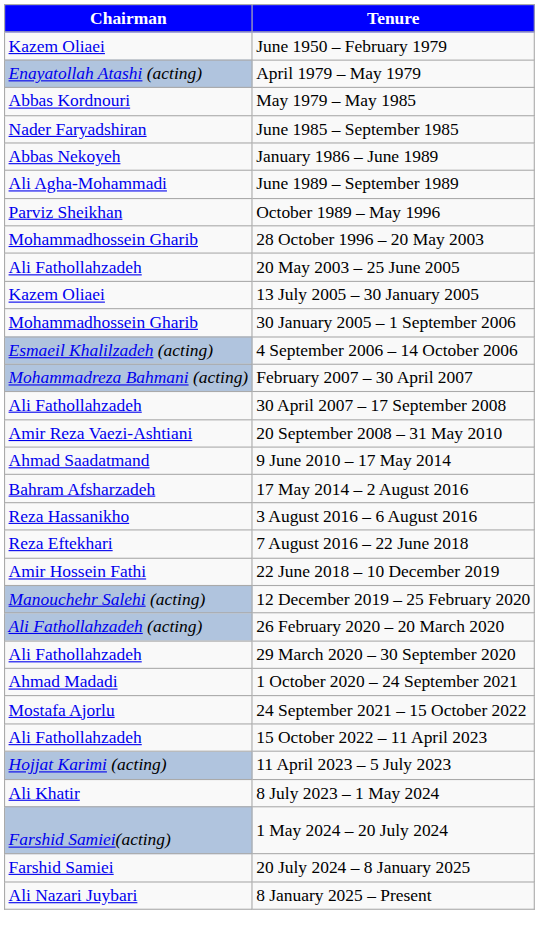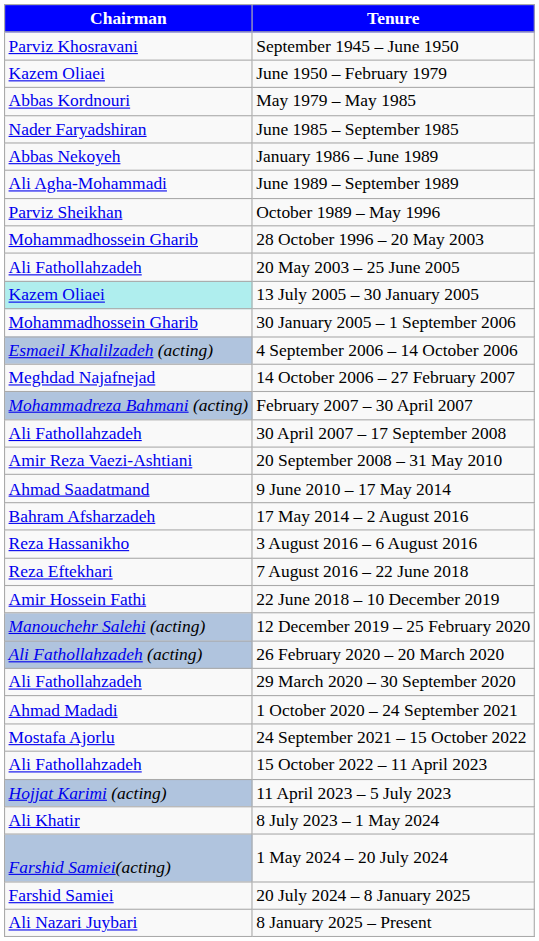 <table class="wikitable">
 <tr>
 <th style="background:#0000FF; color:#FFFFFF; ">Chairman</th>
 <th style="background:#0000FF; color:#FFFFFF; ">Tenure</th>
 </tr>
 <tr>
+<td> <a href='#'>Parviz Khosravani</a></td>
+<td>September 1945 – June 1950</td>
+</tr>
+<tr>
 <td> <a href='#'>Kazem Oliaei</a></td>
 <td>June 1950 – February 1979</td>
-</tr>
-<tr>
-<td style=background:#B0C4DE> <em><a href='#'>Enayatollah Atashi</a> (acting)</em></td>
-<td>April 1979 – May 1979</td>
 </tr>
 <tr>
 <td> <a href='#'>Abbas Kordnouri</a></td>
 <td>May 1979 – May 1985</td>
 </tr>
 <tr>
 <td> <a href='#'>Nader Faryadshiran</a></td>
 <td>June 1985 – September 1985</td>
 </tr>
 <tr>
 <td> <a href='#'>Abbas Nekoyeh</a></td>
 <td>January 1986 – June 1989</td>
 </tr>
 <tr>
 <td> <a href='#'>Ali Agha-Mohammadi</a></td>
 <td>June 1989 – September 1989</td>
 </tr>
 <tr>
 <td> <a href='#'>Parviz Sheikhan</a></td>
 <td>October 1989 – May 1996</td>
 </tr>
 <tr>
 <td> <a href='#'>Mohammadhossein Gharib</a></td>
 <td>28 October 1996 – 20 May 2003</td>
 </tr>
 <tr>
 <td> <a href='#'>Ali Fathollahzadeh</a></td>
 <td>20 May 2003 – 25 June 2005</td>
 </tr>
 <tr>
-<td> <a href='#'>Kazem Oliaei</a></td>
+<td style="background: paleturquoise;"> <a href='#'>Kazem Oliaei</a></td>
 <td>13 July 2005 – 30 January 2005</td>
 </tr>
 <tr>
 <td> <a href='#'>Mohammadhossein Gharib</a></td>
 <td>30 January 2005 – 1 September 2006</td>
 </tr>
 <tr>
 <td style=background:#B0C4DE> <em><a href='#'>Esmaeil Khalilzadeh</a> (acting)</em></td>
 <td>4 September 2006 – 14 October 2006</td>
+</tr>
+<tr>
+<td> <a href='#'>Meghdad Najafnejad</a></td>
+<td>14 October 2006 – 27 February 2007</td>
 </tr>
 <tr>
 <td style=background:#B0C4DE> <em><a href='#'>Mohammadreza Bahmani</a> (acting)</em></td>
 <td>February 2007 – 30 April 2007</td>
 </tr>
 <tr>
 <td> <a href='#'>Ali Fathollahzadeh</a></td>
 <td>30 April 2007 – 17 September 2008</td>
 </tr>
 <tr>
 <td> <a href='#'>Amir Reza Vaezi-Ashtiani</a></td>
 <td>20 September 2008 – 31 May 2010</td>
 </tr>
 <tr>
 <td> <a href='#'>Ahmad Saadatmand</a></td>
 <td>9 June 2010 – 17 May 2014</td>
 </tr>
 <tr>
 <td> <a href='#'>Bahram Afsharzadeh</a></td>
 <td>17 May 2014 – 2 August 2016</td>
 </tr>
 <tr>
 <td> <a href='#'>Reza Hassanikho</a></td>
 <td>3 August 2016 – 6 August 2016</td>
 </tr>
 <tr>
 <td> <a href='#'>Reza Eftekhari</a></td>
 <td>7 August 2016 – 22 June 2018</td>
 </tr>
 <tr>
 <td> <a href='#'>Amir Hossein Fathi</a></td>
 <td>22 June 2018 – 10 December 2019</td>
 </tr>
 <tr>
 <td style=background:#B0C4DE> <em><a href='#'>Manouchehr Salehi</a> (acting)</em></td>
 <td>12 December 2019 – 25 February 2020</td>
 </tr>
 <tr>
 <td style=background:#B0C4DE> <em><a href='#'>Ali Fathollahzadeh</a> (acting)</em></td>
 <td>26 February 2020 – 20 March 2020</td>
 </tr>
 <tr>
 <td> <a href='#'>Ali Fathollahzadeh</a></td>
 <td>29 March 2020 – 30 September 2020</td>
 </tr>
 <tr>
 <td> <a href='#'>Ahmad Madadi</a></td>
 <td>1 October 2020 – 24 September 2021</td>
 </tr>
 <tr>
 <td> <a href='#'>Mostafa Ajorlu</a></td>
 <td>24 September 2021 – 15 October 2022</td>
 </tr>
 <tr>
 <td> <a href='#'>Ali Fathollahzadeh</a></td>
 <td>15 October 2022 – 11 April 2023</td>
 </tr>
 <tr>
 <td style=background:#B0C4DE> <em><a href='#'>Hojjat Karimi</a> (acting)</em></td>
 <td>11 April 2023 – 5 July 2023</td>
 </tr>
 <tr>
 <td> <a href='#'>Ali Khatir</a></td>
 <td>8 July 2023 – 1 May 2024</td>
 </tr>
 <tr>
 <td style=background:#B0C4DE><br> <em><a href='#'>Farshid Samiei</a>(acting)</em></td>
 <td>1 May 2024 – 20 July 2024</td>
 </tr>
 <tr>
 <td> <a href='#'>Farshid Samiei</a></td>
 <td>20 July 2024 – 8 January 2025</td>
 </tr>
 <tr>
 <td> <a href='#'>Ali Nazari Juybari</a></td>
 <td>8 January 2025 – Present</td>
 </tr>
 </table>
